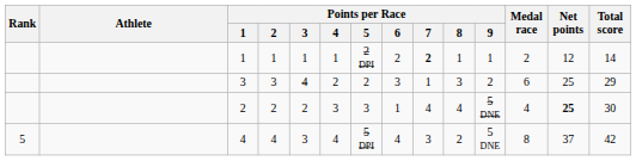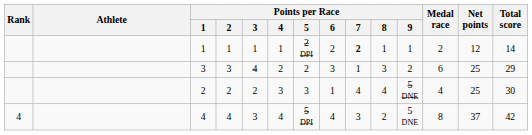 <table | class="wikitable Sortable" style="text-align:center">
 <tr>
 <th rowspan="2" width=40>Rank</th>
 <th rowspan="2" width=250>Athlete</th>
 <th colspan="9">Points per Race</th>
 <th rowspan="2" width=50>Medal race</th>
 <th rowspan="2" width=50>Net points</th>
 <th rowspan="2" width=50>Total score</th>
 </tr>
 <tr>
 <th width=35>1</th>
 <th width=35>2</th>
 <th width=35>3</th>
 <th width=35>4</th>
 <th width=35>5</th>
 <th width=35>6</th>
 <th width=35>7</th>
 <th width=35>8</th>
 <th width=35>9</th>
 </tr>
 <tr>
 <td></td>
 <td align=left> </td>
 <td>1</td>
 <td>1</td>
 <td>1</td>
 <td>1</td>
 <td><s>2</s><br><s><small>DPI</small></s></td>
 <td>2</td>
 <td><strong>2</strong></td>
 <td>1</td>
 <td>1</td>
 <td>2</td>
 <td>12</td>
 <td>14</td>
 </tr>
 <tr>
 <td></td>
 <td align=left> </td>
 <td>3</td>
 <td>3</td>
 <td><s>4</s></td>
 <td>2</td>
 <td>2</td>
 <td>3</td>
 <td>1</td>
 <td>3</td>
 <td>2</td>
 <td>6</td>
 <td>25</td>
 <td>29</td>
 </tr>
 <tr>
 <td></td>
 <td align=left> </td>
 <td>2</td>
 <td>2</td>
 <td>2</td>
 <td>3</td>
 <td>3</td>
 <td>1</td>
 <td>4</td>
 <td>4</td>
 <td><s>5</s><br><s><small>DNE</small></s></td>
 <td>4</td>
-<td><strong>25</strong></td>
+<td>25</td>
 <td>30</td>
 </tr>
 <tr>
-<td>5</td>
+<td>4</td>
 <td align=left> </td>
 <td>4</td>
 <td>4</td>
 <td>3</td>
 <td>4</td>
 <td><s>5</s><br><s><small>DPI</small></s></td>
 <td>4</td>
 <td>3</td>
 <td>2</td>
 <td>5<br><small>DNE</small></td>
 <td>8</td>
 <td>37</td>
 <td>42</td>
 </tr>
 </table>
